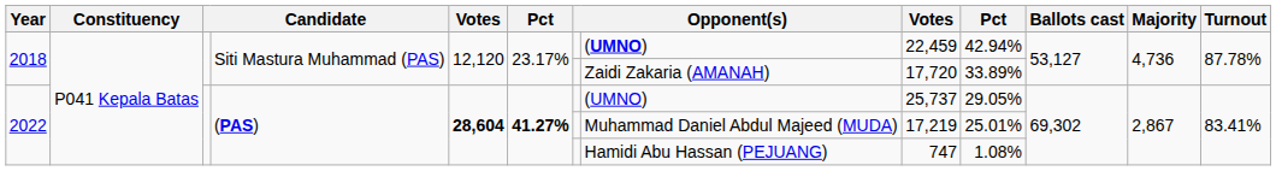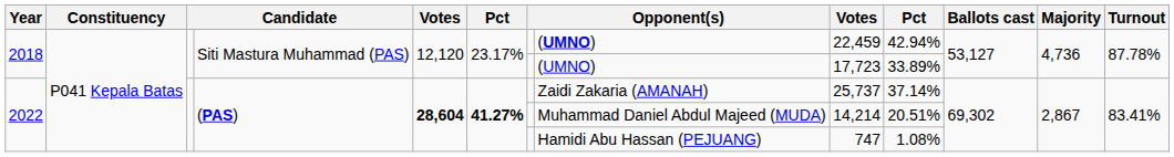 <table class="wikitable" style="margin:0.5em ; font-size:95%">
 <tr>
 <th>Year</th>
 <th>Constituency</th>
 <th colspan=2>Candidate</th>
 <th>Votes</th>
 <th>Pct</th>
 <th colspan=2>Opponent(s)</th>
 <th>Votes</th>
 <th>Pct</th>
 <th>Ballots cast</th>
 <th>Majority</th>
 <th>Turnout</th>
 </tr>
 <tr>
 <td rowspan=2><a href='#'>2018</a></td>
 <td rowspan=5>P041 <a href='#'>Kepala Batas</a></td>
 <td rowspan=2 ></td>
 <td rowspan=2>Siti Mastura Muhammad (<a href='#'>PAS</a>)</td>
 <td rowspan=2 align="right">12,120</td>
 <td rowspan=2>23.17%</td>
 <td></td>
 <td> (<a href='#'><strong>UMNO</strong></a>)</td>
 <td align="right">22,459</td>
 <td>42.94%</td>
 <td rowspan=2>53,127</td>
 <td rowspan=2>4,736</td>
 <td rowspan=2>87.78%</td>
 </tr>
 <tr>
 <td></td>
-<td>Zaidi Zakaria (<a href='#'>AMANAH</a>)</td>
-<td align="right">17,720</td>
+<td> (<a href='#'>UMNO</a>)</td>
+<td align="right">17,723</td>
 <td>33.89%</td>
 </tr>
 <tr>
 <td rowspan="3"><a href='#'>2022</a></td>
 <td rowspan="3" bgcolor=></td>
 <td rowspan="3"> (<a href='#'><strong>PAS</strong></a>)</td>
 <td rowspan="3" align="right"><strong>28,604</strong></td>
 <td rowspan="3"><strong>41.27%</strong></td>
 <td></td>
-<td> (<a href='#'>UMNO</a>)</td>
+<td>Zaidi Zakaria (<a href='#'>AMANAH</a>)</td>
 <td>25,737</td>
-<td align="right">29.05%</td>
+<td align="right">37.14%</td>
 <td rowspan="3">69,302</td>
 <td rowspan="3">2,867</td>
 <td rowspan="3">83.41%</td>
 </tr>
 <tr>
 <td bgcolor=></td>
 <td>Muhammad Daniel Abdul Majeed (<a href='#'>MUDA</a>)</td>
-<td align="right">17,219</td>
-<td>25.01%</td>
+<td align="right">14,214</td>
+<td>20.51%</td>
 </tr>
 <tr>
 <td bgcolor=></td>
 <td>Hamidi Abu Hassan (<a href='#'>PEJUANG</a>)</td>
 <td align="right">747</td>
 <td align="right">1.08%</td>
 </tr>
 </table>
